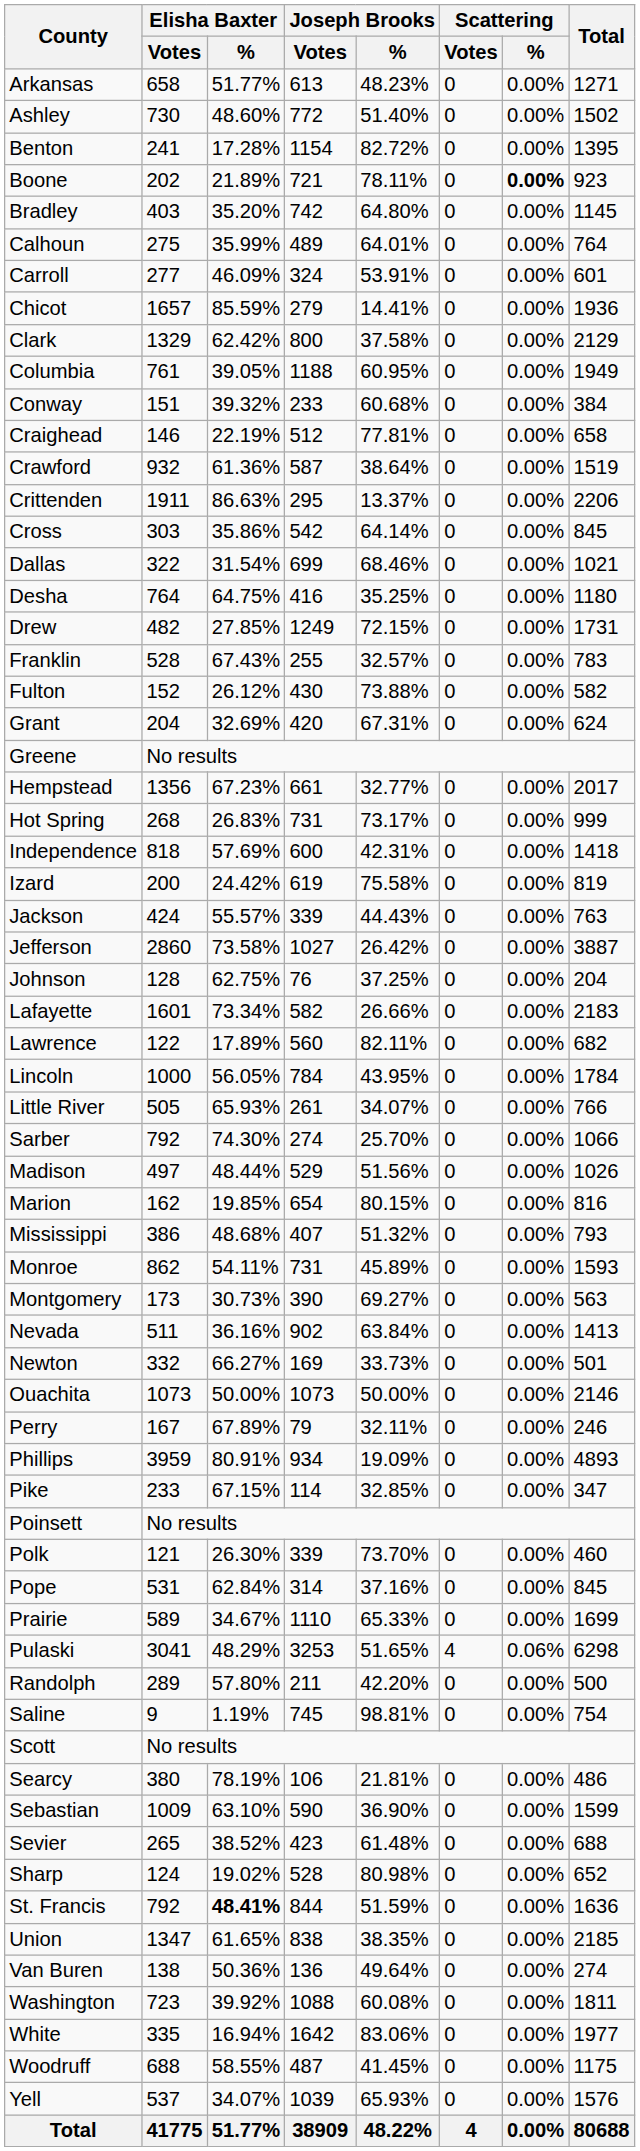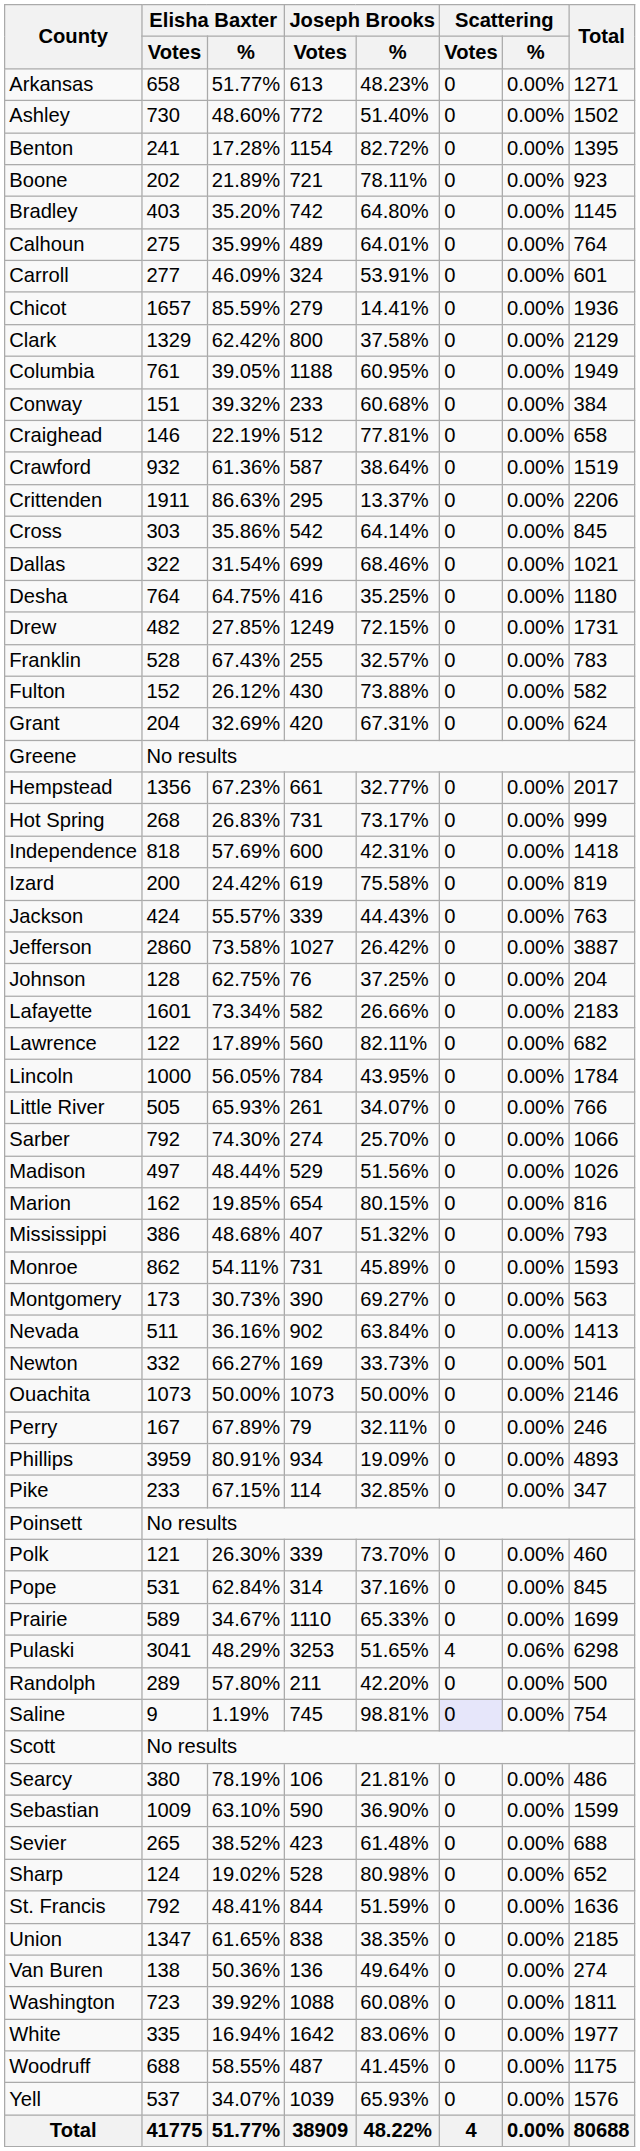 <table class="wikitable sortable mw-collapsible mw-collapsed">
 <tr>
 <th rowspan="2">County</th>
 <th colspan="2">Elisha Baxter</th>
 <th colspan="2">Joseph Brooks</th>
 <th colspan="2">Scattering</th>
 <th rowspan="2">Total</th>
 </tr>
 <tr>
 <th>Votes</th>
 <th>%</th>
 <th>Votes</th>
 <th>%</th>
 <th>Votes</th>
 <th>%</th>
 </tr>
 <tr>
 <td>Arkansas</td>
 <td>658</td>
 <td>51.77%</td>
 <td>613</td>
 <td>48.23%</td>
 <td>0</td>
 <td>0.00%</td>
 <td>1271</td>
 </tr>
 <tr>
 <td>Ashley</td>
 <td>730</td>
 <td>48.60%</td>
 <td>772</td>
 <td>51.40%</td>
 <td>0</td>
 <td>0.00%</td>
 <td>1502</td>
 </tr>
 <tr>
 <td>Benton</td>
 <td>241</td>
 <td>17.28%</td>
 <td>1154</td>
 <td>82.72%</td>
 <td>0</td>
 <td>0.00%</td>
 <td>1395</td>
 </tr>
 <tr>
 <td>Boone</td>
 <td>202</td>
 <td>21.89%</td>
 <td>721</td>
 <td>78.11%</td>
 <td>0</td>
-<td><strong>0.00%</strong></td>
+<td>0.00%</td>
 <td>923</td>
 </tr>
 <tr>
 <td>Bradley</td>
 <td>403</td>
 <td>35.20%</td>
 <td>742</td>
 <td>64.80%</td>
 <td>0</td>
 <td>0.00%</td>
 <td>1145</td>
 </tr>
 <tr>
 <td>Calhoun</td>
 <td>275</td>
 <td>35.99%</td>
 <td>489</td>
 <td>64.01%</td>
 <td>0</td>
 <td>0.00%</td>
 <td>764</td>
 </tr>
 <tr>
 <td>Carroll</td>
 <td>277</td>
 <td>46.09%</td>
 <td>324</td>
 <td>53.91%</td>
 <td>0</td>
 <td>0.00%</td>
 <td>601</td>
 </tr>
 <tr>
 <td>Chicot</td>
 <td>1657</td>
 <td>85.59%</td>
 <td>279</td>
 <td>14.41%</td>
 <td>0</td>
 <td>0.00%</td>
 <td>1936</td>
 </tr>
 <tr>
 <td>Clark</td>
 <td>1329</td>
 <td>62.42%</td>
 <td>800</td>
 <td>37.58%</td>
 <td>0</td>
 <td>0.00%</td>
 <td>2129</td>
 </tr>
 <tr>
 <td>Columbia</td>
 <td>761</td>
 <td>39.05%</td>
 <td>1188</td>
 <td>60.95%</td>
 <td>0</td>
 <td>0.00%</td>
 <td>1949</td>
 </tr>
 <tr>
 <td>Conway</td>
 <td>151</td>
 <td>39.32%</td>
 <td>233</td>
 <td>60.68%</td>
 <td>0</td>
 <td>0.00%</td>
 <td>384</td>
 </tr>
 <tr>
 <td>Craighead</td>
 <td>146</td>
 <td>22.19%</td>
 <td>512</td>
 <td>77.81%</td>
 <td>0</td>
 <td>0.00%</td>
 <td>658</td>
 </tr>
 <tr>
 <td>Crawford</td>
 <td>932</td>
 <td>61.36%</td>
 <td>587</td>
 <td>38.64%</td>
 <td>0</td>
 <td>0.00%</td>
 <td>1519</td>
 </tr>
 <tr>
 <td>Crittenden</td>
 <td>1911</td>
 <td>86.63%</td>
 <td>295</td>
 <td>13.37%</td>
 <td>0</td>
 <td>0.00%</td>
 <td>2206</td>
 </tr>
 <tr>
 <td>Cross</td>
 <td>303</td>
 <td>35.86%</td>
 <td>542</td>
 <td>64.14%</td>
 <td>0</td>
 <td>0.00%</td>
 <td>845</td>
 </tr>
 <tr>
 <td>Dallas</td>
 <td>322</td>
 <td>31.54%</td>
 <td>699</td>
 <td>68.46%</td>
 <td>0</td>
 <td>0.00%</td>
 <td>1021</td>
 </tr>
 <tr>
 <td>Desha</td>
 <td>764</td>
 <td>64.75%</td>
 <td>416</td>
 <td>35.25%</td>
 <td>0</td>
 <td>0.00%</td>
 <td>1180</td>
 </tr>
 <tr>
 <td>Drew</td>
 <td>482</td>
 <td>27.85%</td>
 <td>1249</td>
 <td>72.15%</td>
 <td>0</td>
 <td>0.00%</td>
 <td>1731</td>
 </tr>
 <tr>
 <td>Franklin</td>
 <td>528</td>
 <td>67.43%</td>
 <td>255</td>
 <td>32.57%</td>
 <td>0</td>
 <td>0.00%</td>
 <td>783</td>
 </tr>
 <tr>
 <td>Fulton</td>
 <td>152</td>
 <td>26.12%</td>
 <td>430</td>
 <td>73.88%</td>
 <td>0</td>
 <td>0.00%</td>
 <td>582</td>
 </tr>
 <tr>
 <td>Grant</td>
 <td>204</td>
 <td>32.69%</td>
 <td>420</td>
 <td>67.31%</td>
 <td>0</td>
 <td>0.00%</td>
 <td>624</td>
 </tr>
 <tr>
 <td>Greene</td>
 <td colspan="7">No results</td>
 </tr>
 <tr>
 <td>Hempstead</td>
 <td>1356</td>
 <td>67.23%</td>
 <td>661</td>
 <td>32.77%</td>
 <td>0</td>
 <td>0.00%</td>
 <td>2017</td>
 </tr>
 <tr>
 <td>Hot Spring</td>
 <td>268</td>
 <td>26.83%</td>
 <td>731</td>
 <td>73.17%</td>
 <td>0</td>
 <td>0.00%</td>
 <td>999</td>
 </tr>
 <tr>
 <td>Independence</td>
 <td>818</td>
 <td>57.69%</td>
 <td>600</td>
 <td>42.31%</td>
 <td>0</td>
 <td>0.00%</td>
 <td>1418</td>
 </tr>
 <tr>
 <td>Izard</td>
 <td>200</td>
 <td>24.42%</td>
 <td>619</td>
 <td>75.58%</td>
 <td>0</td>
 <td>0.00%</td>
 <td>819</td>
 </tr>
 <tr>
 <td>Jackson</td>
 <td>424</td>
 <td>55.57%</td>
 <td>339</td>
 <td>44.43%</td>
 <td>0</td>
 <td>0.00%</td>
 <td>763</td>
 </tr>
 <tr>
 <td>Jefferson</td>
 <td>2860</td>
 <td>73.58%</td>
 <td>1027</td>
 <td>26.42%</td>
 <td>0</td>
 <td>0.00%</td>
 <td>3887</td>
 </tr>
 <tr>
 <td>Johnson</td>
 <td>128</td>
 <td>62.75%</td>
 <td>76</td>
 <td>37.25%</td>
 <td>0</td>
 <td>0.00%</td>
 <td>204</td>
 </tr>
 <tr>
 <td>Lafayette</td>
 <td>1601</td>
 <td>73.34%</td>
 <td>582</td>
 <td>26.66%</td>
 <td>0</td>
 <td>0.00%</td>
 <td>2183</td>
 </tr>
 <tr>
 <td>Lawrence</td>
 <td>122</td>
 <td>17.89%</td>
 <td>560</td>
 <td>82.11%</td>
 <td>0</td>
 <td>0.00%</td>
 <td>682</td>
 </tr>
 <tr>
 <td>Lincoln</td>
 <td>1000</td>
 <td>56.05%</td>
 <td>784</td>
 <td>43.95%</td>
 <td>0</td>
 <td>0.00%</td>
 <td>1784</td>
 </tr>
 <tr>
 <td>Little River</td>
 <td>505</td>
 <td>65.93%</td>
 <td>261</td>
 <td>34.07%</td>
 <td>0</td>
 <td>0.00%</td>
 <td>766</td>
 </tr>
 <tr>
 <td>Sarber</td>
 <td>792</td>
 <td>74.30%</td>
 <td>274</td>
 <td>25.70%</td>
 <td>0</td>
 <td>0.00%</td>
 <td>1066</td>
 </tr>
 <tr>
 <td>Madison</td>
 <td>497</td>
 <td>48.44%</td>
 <td>529</td>
 <td>51.56%</td>
 <td>0</td>
 <td>0.00%</td>
 <td>1026</td>
 </tr>
 <tr>
 <td>Marion</td>
 <td>162</td>
 <td>19.85%</td>
 <td>654</td>
 <td>80.15%</td>
 <td>0</td>
 <td>0.00%</td>
 <td>816</td>
 </tr>
 <tr>
 <td>Mississippi</td>
 <td>386</td>
 <td>48.68%</td>
 <td>407</td>
 <td>51.32%</td>
 <td>0</td>
 <td>0.00%</td>
 <td>793</td>
 </tr>
 <tr>
 <td>Monroe</td>
 <td>862</td>
 <td>54.11%</td>
 <td>731</td>
 <td>45.89%</td>
 <td>0</td>
 <td>0.00%</td>
 <td>1593</td>
 </tr>
 <tr>
 <td>Montgomery</td>
 <td>173</td>
 <td>30.73%</td>
 <td>390</td>
 <td>69.27%</td>
 <td>0</td>
 <td>0.00%</td>
 <td>563</td>
 </tr>
 <tr>
 <td>Nevada</td>
 <td>511</td>
 <td>36.16%</td>
 <td>902</td>
 <td>63.84%</td>
 <td>0</td>
 <td>0.00%</td>
 <td>1413</td>
 </tr>
 <tr>
 <td>Newton</td>
 <td>332</td>
 <td>66.27%</td>
 <td>169</td>
 <td>33.73%</td>
 <td>0</td>
 <td>0.00%</td>
 <td>501</td>
 </tr>
 <tr>
 <td>Ouachita</td>
 <td>1073</td>
 <td>50.00%</td>
 <td>1073</td>
 <td>50.00%</td>
 <td>0</td>
 <td>0.00%</td>
 <td>2146</td>
 </tr>
 <tr>
 <td>Perry</td>
 <td>167</td>
 <td>67.89%</td>
 <td>79</td>
 <td>32.11%</td>
 <td>0</td>
 <td>0.00%</td>
 <td>246</td>
 </tr>
 <tr>
 <td>Phillips</td>
 <td>3959</td>
 <td>80.91%</td>
 <td>934</td>
 <td>19.09%</td>
 <td>0</td>
 <td>0.00%</td>
 <td>4893</td>
 </tr>
 <tr>
 <td>Pike</td>
 <td>233</td>
 <td>67.15%</td>
 <td>114</td>
 <td>32.85%</td>
 <td>0</td>
 <td>0.00%</td>
 <td>347</td>
 </tr>
 <tr>
 <td>Poinsett</td>
 <td colspan="7">No results</td>
 </tr>
 <tr>
 <td>Polk</td>
 <td>121</td>
 <td>26.30%</td>
 <td>339</td>
 <td>73.70%</td>
 <td>0</td>
 <td>0.00%</td>
 <td>460</td>
 </tr>
 <tr>
 <td>Pope</td>
 <td>531</td>
 <td>62.84%</td>
 <td>314</td>
 <td>37.16%</td>
 <td>0</td>
 <td>0.00%</td>
 <td>845</td>
 </tr>
 <tr>
 <td>Prairie</td>
 <td>589</td>
 <td>34.67%</td>
 <td>1110</td>
 <td>65.33%</td>
 <td>0</td>
 <td>0.00%</td>
 <td>1699</td>
 </tr>
 <tr>
 <td>Pulaski</td>
 <td>3041</td>
 <td>48.29%</td>
 <td>3253</td>
 <td>51.65%</td>
 <td>4</td>
 <td>0.06%</td>
 <td>6298</td>
 </tr>
 <tr>
 <td>Randolph</td>
 <td>289</td>
 <td>57.80%</td>
 <td>211</td>
 <td>42.20%</td>
 <td>0</td>
 <td>0.00%</td>
 <td>500</td>
 </tr>
 <tr>
 <td>Saline</td>
 <td>9</td>
 <td>1.19%</td>
 <td>745</td>
 <td>98.81%</td>
-<td>0</td>
+<td style="background: lavender;">0</td>
 <td>0.00%</td>
 <td>754</td>
 </tr>
 <tr>
 <td>Scott</td>
 <td colspan="7">No results</td>
 </tr>
 <tr>
 <td>Searcy</td>
 <td>380</td>
 <td>78.19%</td>
 <td>106</td>
 <td>21.81%</td>
 <td>0</td>
 <td>0.00%</td>
 <td>486</td>
 </tr>
 <tr>
 <td>Sebastian</td>
 <td>1009</td>
 <td>63.10%</td>
 <td>590</td>
 <td>36.90%</td>
 <td>0</td>
 <td>0.00%</td>
 <td>1599</td>
 </tr>
 <tr>
 <td>Sevier</td>
 <td>265</td>
 <td>38.52%</td>
 <td>423</td>
 <td>61.48%</td>
 <td>0</td>
 <td>0.00%</td>
 <td>688</td>
 </tr>
 <tr>
 <td>Sharp</td>
 <td>124</td>
 <td>19.02%</td>
 <td>528</td>
 <td>80.98%</td>
 <td>0</td>
 <td>0.00%</td>
 <td>652</td>
 </tr>
 <tr>
 <td>St. Francis</td>
 <td>792</td>
-<td><strong>48.41%</strong></td>
+<td>48.41%</td>
 <td>844</td>
 <td>51.59%</td>
 <td>0</td>
 <td>0.00%</td>
 <td>1636</td>
 </tr>
 <tr>
 <td>Union</td>
 <td>1347</td>
 <td>61.65%</td>
 <td>838</td>
 <td>38.35%</td>
 <td>0</td>
 <td>0.00%</td>
 <td>2185</td>
 </tr>
 <tr>
 <td>Van Buren</td>
 <td>138</td>
 <td>50.36%</td>
 <td>136</td>
 <td>49.64%</td>
 <td>0</td>
 <td>0.00%</td>
 <td>274</td>
 </tr>
 <tr>
 <td>Washington</td>
 <td>723</td>
 <td>39.92%</td>
 <td>1088</td>
 <td>60.08%</td>
 <td>0</td>
 <td>0.00%</td>
 <td>1811</td>
 </tr>
 <tr>
 <td>White</td>
 <td>335</td>
 <td>16.94%</td>
 <td>1642</td>
 <td>83.06%</td>
 <td>0</td>
 <td>0.00%</td>
 <td>1977</td>
 </tr>
 <tr>
 <td>Woodruff</td>
 <td>688</td>
 <td>58.55%</td>
 <td>487</td>
 <td>41.45%</td>
 <td>0</td>
 <td>0.00%</td>
 <td>1175</td>
 </tr>
 <tr>
 <td>Yell</td>
 <td>537</td>
 <td>34.07%</td>
 <td>1039</td>
 <td>65.93%</td>
 <td>0</td>
 <td>0.00%</td>
 <td>1576</td>
 </tr>
 <tr>
 <th>Total</th>
 <th>41775</th>
 <th>51.77%</th>
 <th>38909</th>
 <th>48.22%</th>
 <th>4</th>
 <th>0.00%</th>
 <th>80688</th>
 </tr>
 </table>
